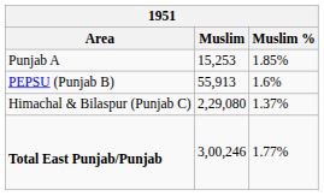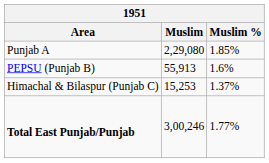 <table class="wikitable sortable">
 <tr>
 <th colspan="3">1951</th>
 </tr>
 <tr>
 <th>Area</th>
 <th>Muslim</th>
 <th>Muslim %</th>
 </tr>
 <tr>
 <td>Punjab A</td>
-<td>15,253</td>
+<td>2,29,080</td>
 <td>1.85%</td>
 </tr>
 <tr>
 <td><a href='#'>PEPSU</a> (Punjab B)</td>
 <td>55,913</td>
 <td>1.6%</td>
 </tr>
 <tr>
 <td>Himachal & Bilaspur (Punjab C)</td>
-<td>2,29,080</td>
+<td>15,253</td>
 <td>1.37%</td>
 </tr>
 <tr>
 <td><br><h4>Total East Punjab/Punjab</h4></td>
 <td>3,00,246</td>
 <td>1.77%</td>
 </tr>
 </table>
